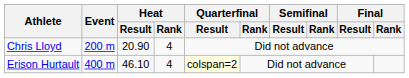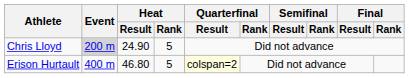 <table class=wikitable style="font-size:90%">
 <tr>
 <th rowspan="2">Athlete</th>
 <th rowspan="2">Event</th>
 <th colspan="2">Heat</th>
 <th colspan="2">Quarterfinal</th>
 <th colspan="2">Semifinal</th>
 <th colspan="2">Final</th>
 </tr>
 <tr style="font-size:95%">
 <th>Result</th>
 <th>Rank</th>
 <th>Result</th>
 <th>Rank</th>
 <th>Result</th>
 <th>Rank</th>
 <th>Result</th>
 <th>Rank</th>
 </tr>
 <tr align=center>
 <td align=left><a href='#'>Chris Lloyd</a></td>
-<td align=left><a href='#'>200 m</a></td>
-<td>20.90</td>
-<td>4</td>
+<td align=left style="background: lightgrey;"><a href='#'>200 m</a></td>
+<td>24.90</td>
+<td>5</td>
 <td colspan=6>Did not advance</td>
 </tr>
 <tr align=center>
 <td align=left><a href='#'>Erison Hurtault</a></td>
 <td align=left><a href='#'>400 m</a></td>
-<td>46.10</td>
-<td>4</td>
+<td>46.80</td>
+<td>5</td>
 <td style="background: lightyellow;">colspan=2 </td>
 <td colspan=4>Did not advance</td>
 </tr>
 </table>
